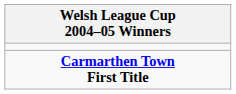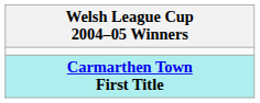 <table class="wikitable" style="text-align: center; margin: 0 auto; width: 20%">
 <tr>
 <th>Welsh League Cup <br>2004–05 Winners</th>
 </tr>
 <tr>
 <td></td>
 </tr>
 <tr>
-<td><strong><a href='#'>Carmarthen Town</a></strong><br><strong>First Title</strong></td>
+<td style="background: paleturquoise;"><strong><a href='#'>Carmarthen Town</a></strong><br><strong>First Title</strong></td>
 </tr>
 </table>
